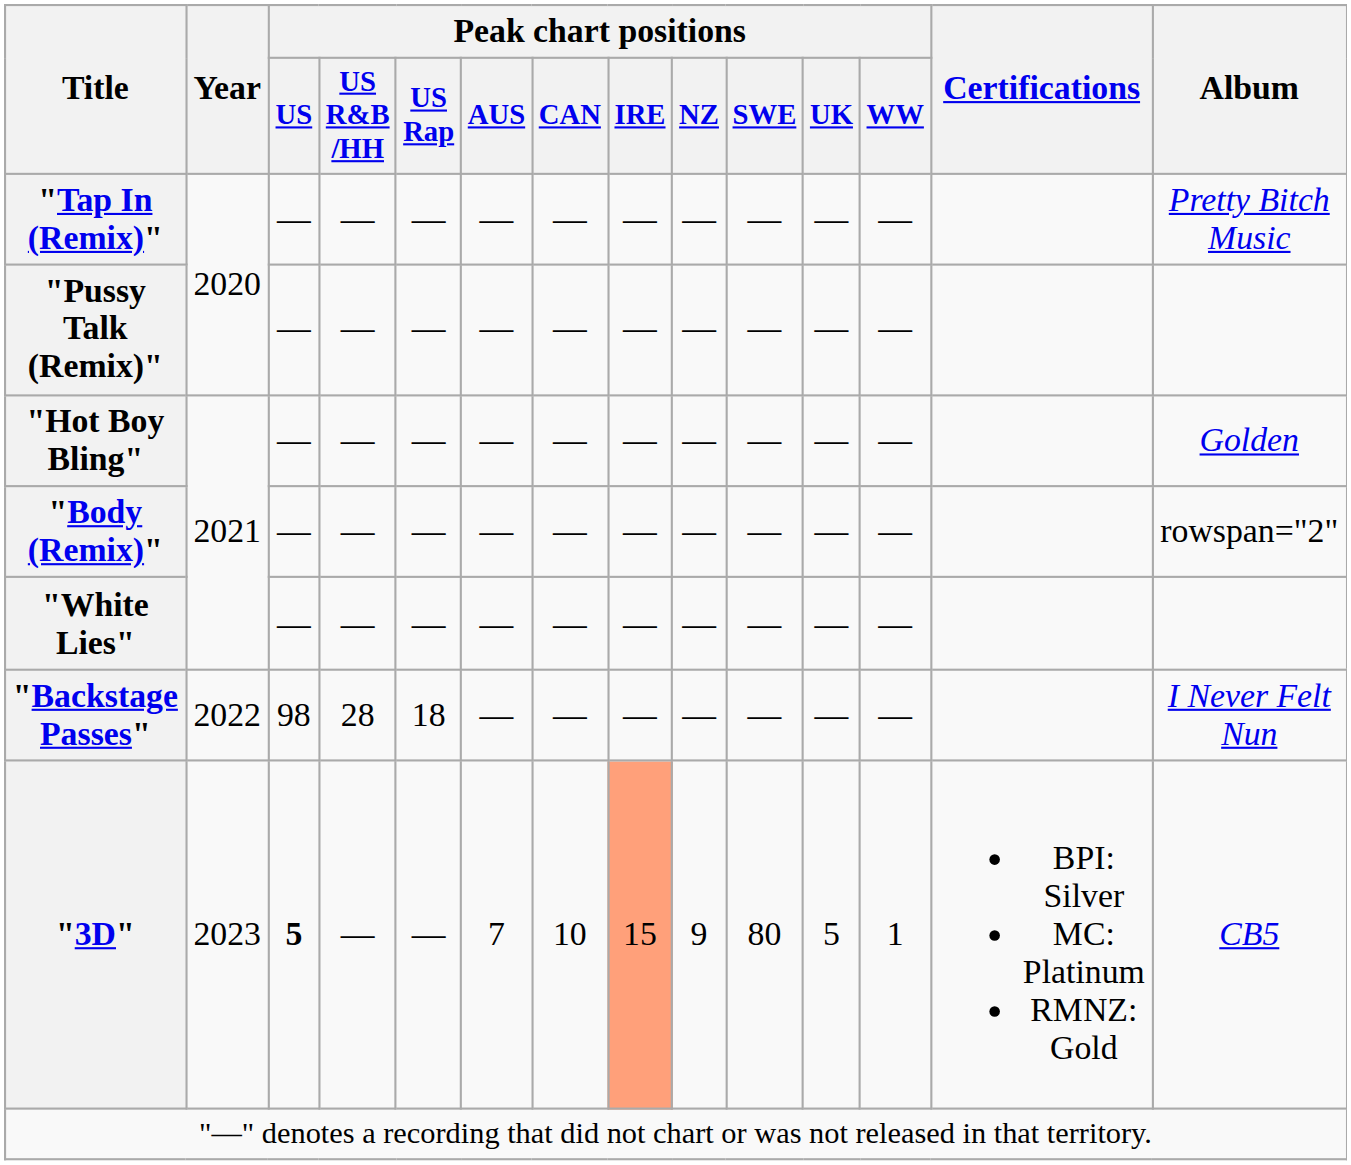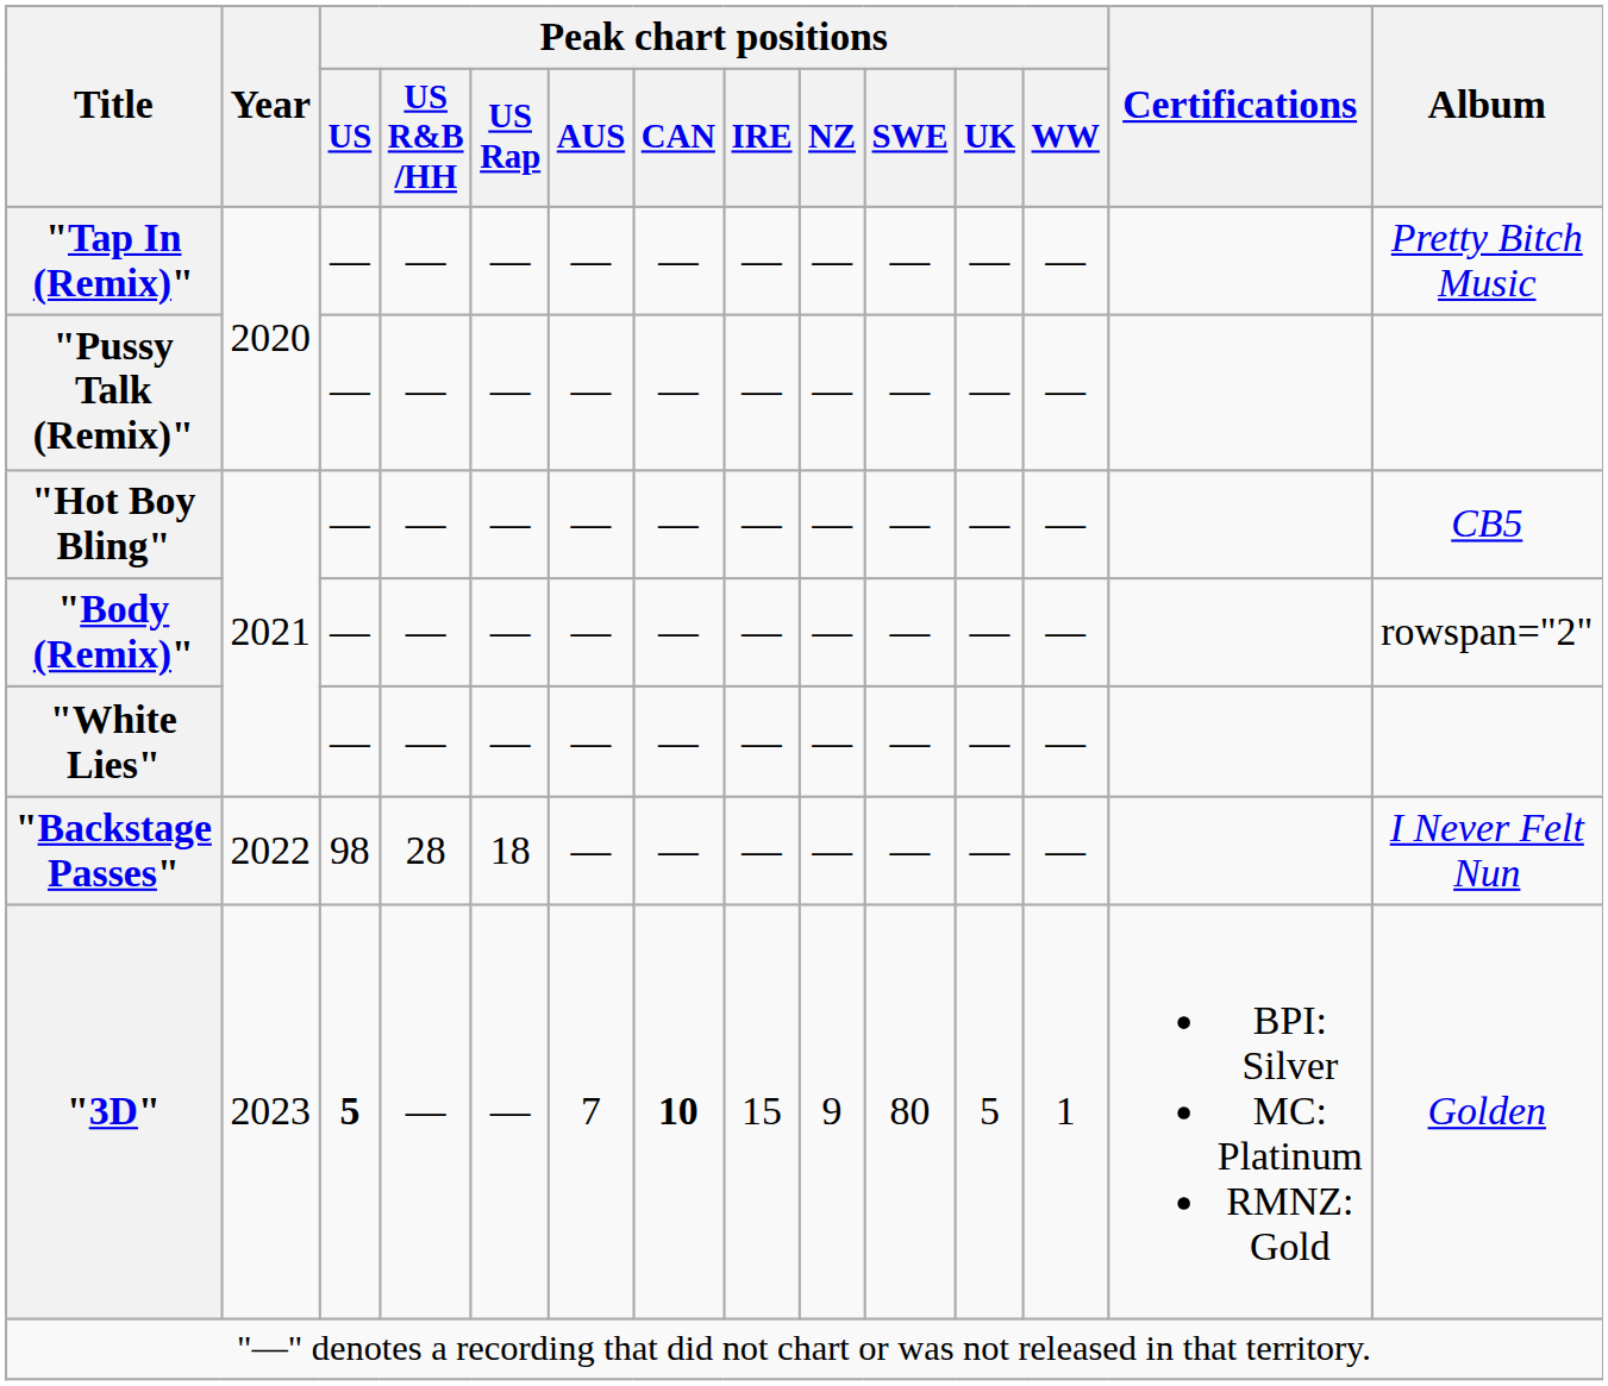 <table class="wikitable plainrowheaders" style="text-align:center">
 <tr>
 <th rowspan="2">Title</th>
 <th rowspan="2">Year</th>
 <th colspan="10">Peak chart positions</th>
 <th rowspan="2"><a href='#'>Certifications</a></th>
 <th rowspan="2">Album</th>
 </tr>
 <tr>
 <th scope="col" style="width:3em;font-size:85%;"><a href='#'>US</a><br></th>
 <th scope="col" style="width:3em;font-size:85%;"><a href='#'>US<br>R&B<br>/HH</a><br></th>
 <th scope="col" style="width:3em;font-size:85%;"><a href='#'>US<br>Rap</a><br></th>
 <th scope="col" style="width:3em;font-size:85%;"><a href='#'>AUS</a><br></th>
 <th scope="col" style="width:3em;font-size:85%;"><a href='#'>CAN</a><br></th>
 <th scope="col" style="width:3em;font-size:85%;"><a href='#'>IRE</a><br></th>
 <th scope="col" style="width:3em;font-size:85%;"><a href='#'>NZ</a><br></th>
 <th scope="col" style="width:3em;font-size:85%;"><a href='#'>SWE</a><br></th>
 <th scope="col" style="width:3em;font-size:85%;"><a href='#'>UK</a><br></th>
 <th scope="col" style="width:3em;font-size:85%;"><a href='#'>WW</a><br></th>
 </tr>
 <tr>
 <th scope="row">"<a href='#'>Tap In (Remix)</a>"<br></th>
 <td rowspan="2">2020</td>
 <td>—</td>
 <td>—</td>
 <td>—</td>
 <td>—</td>
 <td>—</td>
 <td>—</td>
 <td>—</td>
 <td>—</td>
 <td>—</td>
 <td>—</td>
 <td></td>
 <td><em><a href='#'>Pretty Bitch Music</a></em></td>
 </tr>
 <tr>
 <th scope="row">"Pussy Talk (Remix)"<br></th>
 <td>—</td>
 <td>—</td>
 <td>—</td>
 <td>—</td>
 <td>—</td>
 <td>—</td>
 <td>—</td>
 <td>—</td>
 <td>—</td>
 <td>—</td>
 <td></td>
 <td></td>
 </tr>
 <tr>
 <th scope="row">"Hot Boy Bling"<br></th>
 <td rowspan="3">2021</td>
 <td>—</td>
 <td>—</td>
 <td>—</td>
 <td>—</td>
 <td>—</td>
 <td>—</td>
 <td>—</td>
 <td>—</td>
 <td>—</td>
 <td>—</td>
 <td></td>
-<td><em><a href='#'>Golden</a></em></td>
+<td><em><a href='#'>CB5</a></em></td>
 </tr>
 <tr>
 <th scope="row">"<a href='#'>Body (Remix)</a>"<br></th>
 <td>—</td>
 <td>—</td>
 <td>—</td>
 <td>—</td>
 <td>—</td>
 <td>—</td>
 <td>—</td>
 <td>—</td>
 <td>—</td>
 <td>—</td>
 <td></td>
 <td>rowspan="2" </td>
 </tr>
 <tr>
 <th scope="row">"White Lies"<br></th>
 <td>—</td>
 <td>—</td>
 <td>—</td>
 <td>—</td>
 <td>—</td>
 <td>—</td>
 <td>—</td>
 <td>—</td>
 <td>—</td>
 <td>—</td>
 <td></td>
 </tr>
 <tr>
 <th scope="row">"<a href='#'>Backstage Passes</a>"<br></th>
 <td>2022</td>
 <td>98</td>
 <td>28</td>
 <td>18</td>
 <td>—</td>
 <td>—</td>
 <td>—</td>
 <td>—</td>
 <td>—</td>
 <td>—</td>
 <td>—</td>
 <td></td>
 <td><em><a href='#'>I Never Felt Nun</a></em></td>
 </tr>
 <tr>
 <th scope="row">"<a href='#'>3D</a>"<br></th>
 <td rowspan="1">2023</td>
 <td><strong>5</strong></td>
 <td>—</td>
 <td>—</td>
 <td>7</td>
-<td>10</td>
-<td style="background: lightsalmon;">15</td>
+<td><strong>10</strong></td>
+<td>15</td>
 <td>9</td>
 <td>80</td>
 <td>5</td>
 <td>1</td>
 <td><br><ul><li>BPI: Silver</li><li>MC: Platinum</li><li>RMNZ: Gold</li></ul></td>
-<td><em><a href='#'>CB5</a></em></td>
+<td><em><a href='#'>Golden</a></em></td>
 </tr>
 <tr>
 <td colspan="14" style="font-size:90%">"—" denotes a recording that did not chart or was not released in that territory.</td>
 </tr>
 </table>
